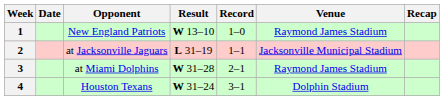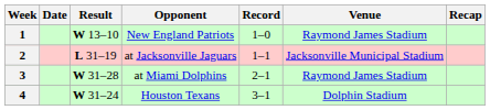 <table class="wikitable" style="font-size: 95%">
 <tr>
 <th>Week</th>
 <th>Date</th>
+<th>Result</th>
 <th>Opponent</th>
-<th>Result</th>
 <th>Record</th>
 <th>Venue</th>
 <th>Recap</th>
 </tr>
 <tr style="background: #cfc;" align="center">
 <th>1</th>
 <td style="text-align:center;"></td>
+<td style="text-align:center;"><strong>W</strong> 13–10</td>
 <td><a href='#'>New England Patriots</a></td>
-<td style="text-align:center;"><strong>W</strong> 13–10</td>
 <td style="text-align:center;">1–0</td>
 <td style="text-align:center;"><a href='#'>Raymond James Stadium</a></td>
 <td></td>
 </tr>
 <tr style="background:#fcc;" align="center">
 <th>2</th>
 <td style="text-align:center;"></td>
+<td style="text-align:center;"><strong>L</strong> 31–19</td>
 <td>at <a href='#'>Jacksonville Jaguars</a></td>
-<td style="text-align:center;"><strong>L</strong> 31–19</td>
 <td style="text-align:center;">1–1</td>
 <td style="text-align:center;"><a href='#'>Jacksonville Municipal Stadium</a></td>
 <td></td>
 </tr>
 <tr style="background:#cfc;" align="center">
 <th>3</th>
 <td style="text-align:center;"></td>
+<td style="text-align:center;"><strong>W</strong> 31–28</td>
 <td>at <a href='#'>Miami Dolphins</a></td>
-<td style="text-align:center;"><strong>W</strong> 31–28</td>
 <td style="text-align:center;">2–1</td>
 <td style="text-align:center;"><a href='#'>Raymond James Stadium</a></td>
 <td></td>
 </tr>
 <tr style="background:#cfc;" align="center">
 <th>4</th>
 <td style="text-align:center;"></td>
+<td style="text-align:center;"><strong>W</strong> 31–24</td>
 <td><a href='#'>Houston Texans</a></td>
-<td style="text-align:center;"><strong>W</strong> 31–24</td>
 <td style="text-align:center;">3–1</td>
 <td style="text-align:center;"><a href='#'>Dolphin Stadium</a></td>
 <td></td>
 </tr>
 </table>
